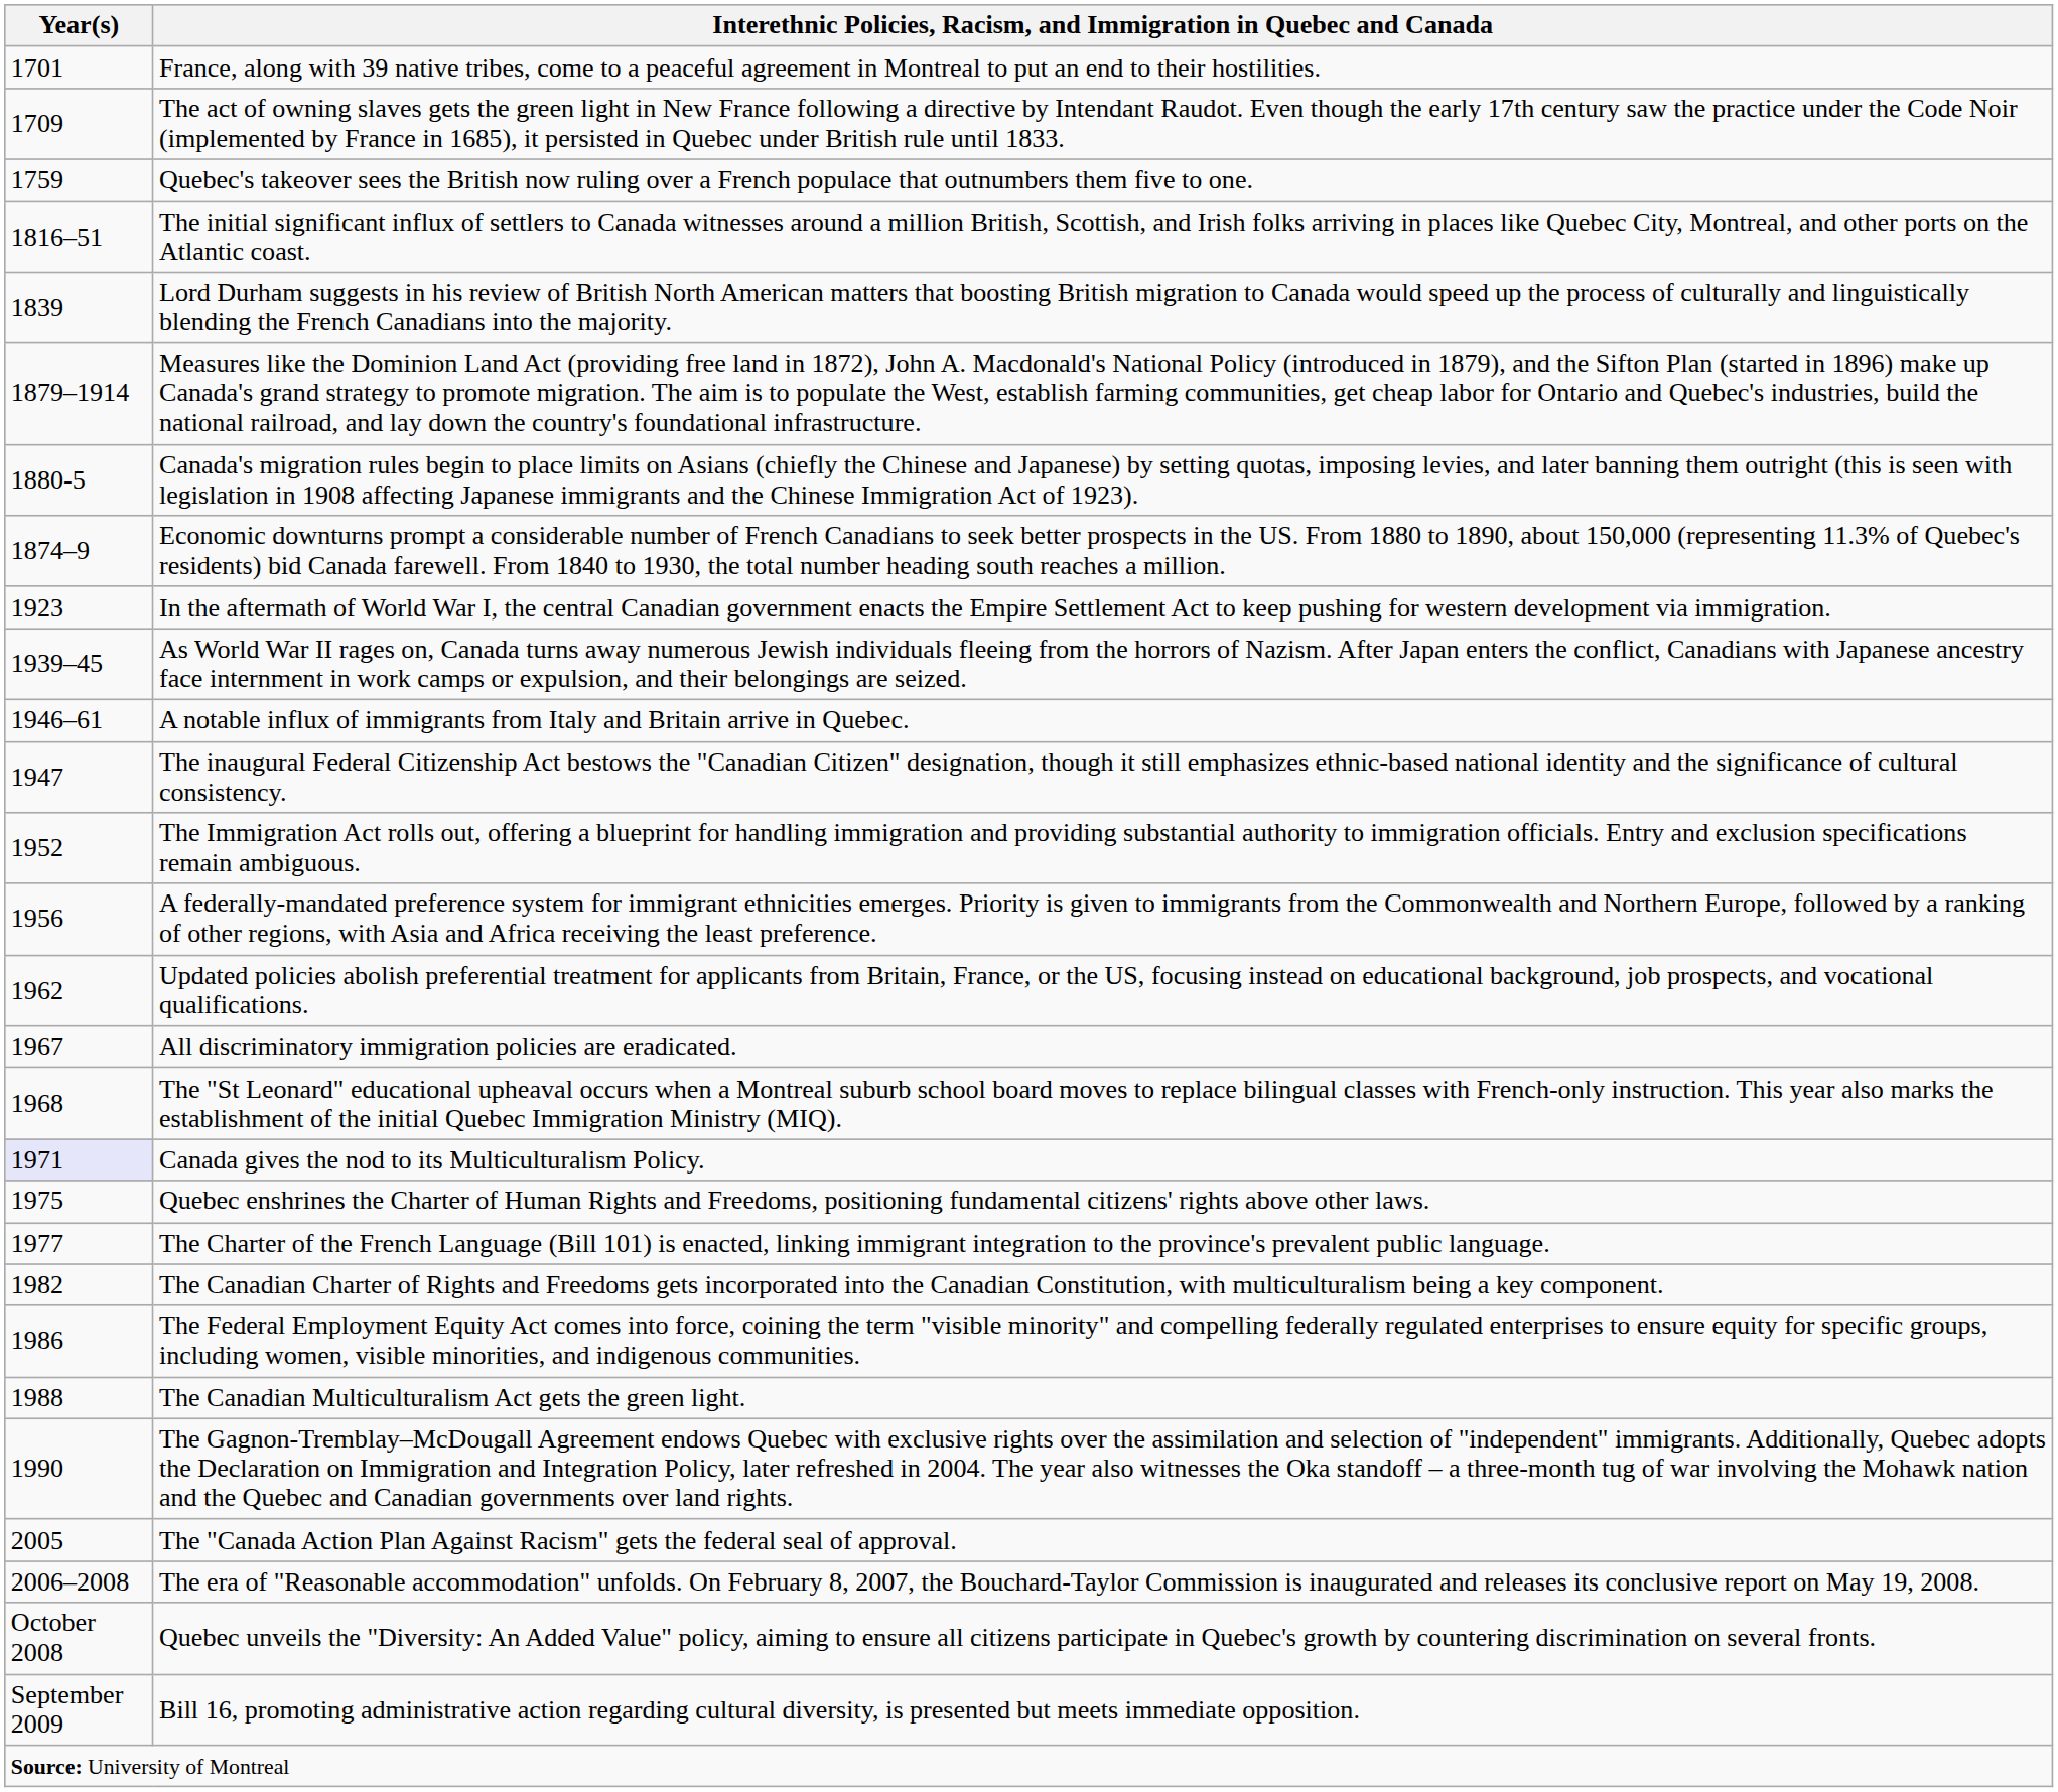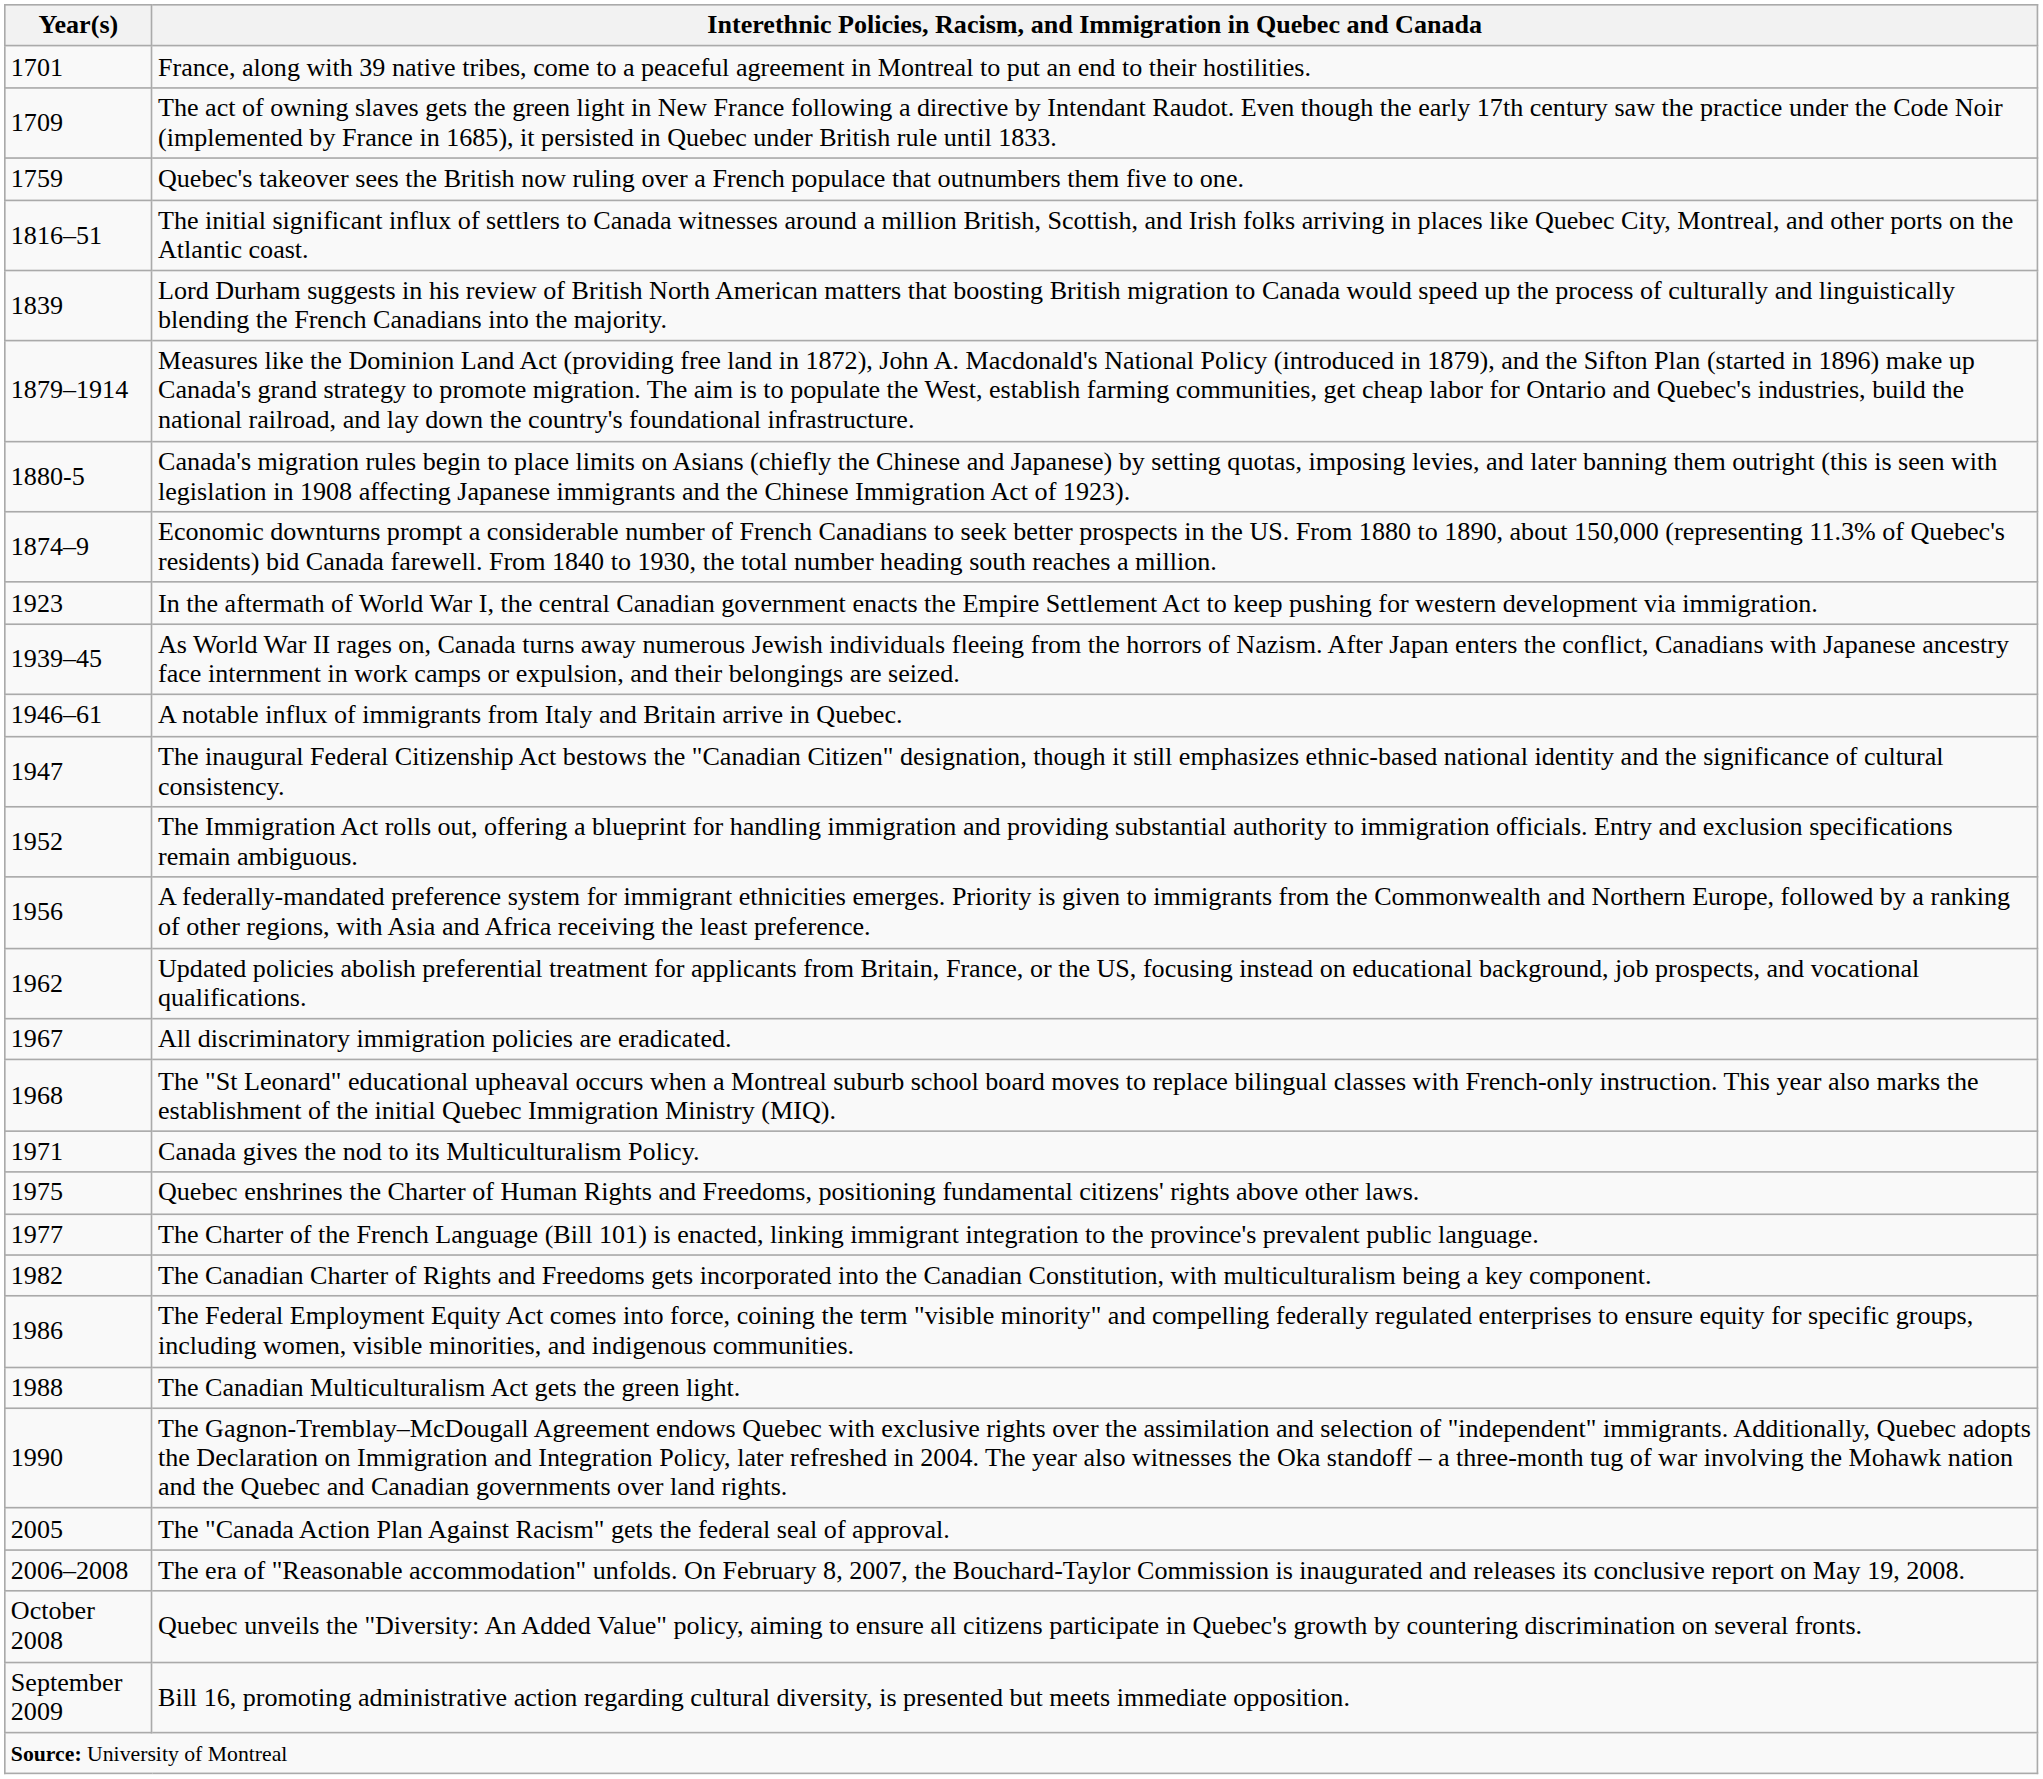 <table class="wikitable mw-collapsible mw-collapsed">
 <tr>
 <th>Year(s)</th>
 <th>Interethnic Policies, Racism, and Immigration in Quebec and Canada</th>
 </tr>
 <tr>
 <td>1701</td>
 <td>France, along with 39 native tribes, come to a peaceful agreement in Montreal to put an end to their hostilities.</td>
 </tr>
 <tr>
 <td>1709</td>
 <td>The act of owning slaves gets the green light in New France following a directive by Intendant Raudot. Even though the early 17th century saw the practice under the Code Noir (implemented by France in 1685), it persisted in Quebec under British rule until 1833.</td>
 </tr>
 <tr>
 <td>1759</td>
 <td>Quebec's takeover sees the British now ruling over a French populace that outnumbers them five to one.</td>
 </tr>
 <tr>
 <td>1816–51</td>
 <td>The initial significant influx of settlers to Canada witnesses around a million British, Scottish, and Irish folks arriving in places like Quebec City, Montreal, and other ports on the Atlantic coast.</td>
 </tr>
 <tr>
 <td>1839</td>
 <td>Lord Durham suggests in his review of British North American matters that boosting British migration to Canada would speed up the process of culturally and linguistically blending the French Canadians into the majority.</td>
 </tr>
 <tr>
 <td>1879–1914</td>
 <td>Measures like the Dominion Land Act (providing free land in 1872), John A. Macdonald's National Policy (introduced in 1879), and the Sifton Plan (started in 1896) make up Canada's grand strategy to promote migration. The aim is to populate the West, establish farming communities, get cheap labor for Ontario and Quebec's industries, build the national railroad, and lay down the country's foundational infrastructure.</td>
 </tr>
 <tr>
 <td>1880-5</td>
 <td>Canada's migration rules begin to place limits on Asians (chiefly the Chinese and Japanese) by setting quotas, imposing levies, and later banning them outright (this is seen with legislation in 1908 affecting Japanese immigrants and the Chinese Immigration Act of 1923).</td>
 </tr>
 <tr>
 <td>1874–9</td>
 <td>Economic downturns prompt a considerable number of French Canadians to seek better prospects in the US. From 1880 to 1890, about 150,000 (representing 11.3% of Quebec's residents) bid Canada farewell. From 1840 to 1930, the total number heading south reaches a million.</td>
 </tr>
 <tr>
 <td>1923</td>
 <td>In the aftermath of World War I, the central Canadian government enacts the Empire Settlement Act to keep pushing for western development via immigration.</td>
 </tr>
 <tr>
 <td>1939–45</td>
 <td>As World War II rages on, Canada turns away numerous Jewish individuals fleeing from the horrors of Nazism. After Japan enters the conflict, Canadians with Japanese ancestry face internment in work camps or expulsion, and their belongings are seized.</td>
 </tr>
 <tr>
 <td>1946–61</td>
 <td>A notable influx of immigrants from Italy and Britain arrive in Quebec.</td>
 </tr>
 <tr>
 <td>1947</td>
 <td>The inaugural Federal Citizenship Act bestows the "Canadian Citizen" designation, though it still emphasizes ethnic-based national identity and the significance of cultural consistency.</td>
 </tr>
 <tr>
 <td>1952</td>
 <td>The Immigration Act rolls out, offering a blueprint for handling immigration and providing substantial authority to immigration officials. Entry and exclusion specifications remain ambiguous.</td>
 </tr>
 <tr>
 <td>1956</td>
 <td>A federally-mandated preference system for immigrant ethnicities emerges. Priority is given to immigrants from the Commonwealth and Northern Europe, followed by a ranking of other regions, with Asia and Africa receiving the least preference.</td>
 </tr>
 <tr>
 <td>1962</td>
 <td>Updated policies abolish preferential treatment for applicants from Britain, France, or the US, focusing instead on educational background, job prospects, and vocational qualifications.</td>
 </tr>
 <tr>
 <td>1967</td>
 <td>All discriminatory immigration policies are eradicated.</td>
 </tr>
 <tr>
 <td>1968</td>
 <td>The "St Leonard" educational upheaval occurs when a Montreal suburb school board moves to replace bilingual classes with French-only instruction. This year also marks the establishment of the initial Quebec Immigration Ministry (MIQ).</td>
 </tr>
 <tr>
-<td style="background: lavender;">1971</td>
+<td>1971</td>
 <td>Canada gives the nod to its Multiculturalism Policy.</td>
 </tr>
 <tr>
 <td>1975</td>
 <td>Quebec enshrines the Charter of Human Rights and Freedoms, positioning fundamental citizens' rights above other laws.</td>
 </tr>
 <tr>
 <td>1977</td>
 <td>The Charter of the French Language (Bill 101) is enacted, linking immigrant integration to the province's prevalent public language.</td>
 </tr>
 <tr>
 <td>1982</td>
 <td>The Canadian Charter of Rights and Freedoms gets incorporated into the Canadian Constitution, with multiculturalism being a key component.</td>
 </tr>
 <tr>
 <td>1986</td>
 <td>The Federal Employment Equity Act comes into force, coining the term "visible minority" and compelling federally regulated enterprises to ensure equity for specific groups, including women, visible minorities, and indigenous communities.</td>
 </tr>
 <tr>
 <td>1988</td>
 <td>The Canadian Multiculturalism Act gets the green light.</td>
 </tr>
 <tr>
 <td>1990</td>
 <td>The Gagnon-Tremblay–McDougall Agreement endows Quebec with exclusive rights over the assimilation and selection of "independent" immigrants. Additionally, Quebec adopts the Declaration on Immigration and Integration Policy, later refreshed in 2004. The year also witnesses the Oka standoff – a three-month tug of war involving the Mohawk nation and the Quebec and Canadian governments over land rights.</td>
 </tr>
 <tr>
 <td>2005</td>
 <td>The "Canada Action Plan Against Racism" gets the federal seal of approval.</td>
 </tr>
 <tr>
 <td>2006–2008</td>
 <td>The era of "Reasonable accommodation" unfolds. On February 8, 2007, the Bouchard-Taylor Commission is inaugurated and releases its conclusive report on May 19, 2008.</td>
 </tr>
 <tr>
 <td>October 2008</td>
 <td>Quebec unveils the "Diversity: An Added Value" policy, aiming to ensure all citizens participate in Quebec's growth by countering discrimination on several fronts.</td>
 </tr>
 <tr>
 <td>September 2009</td>
 <td>Bill 16, promoting administrative action regarding cultural diversity, is presented but meets immediate opposition.</td>
 </tr>
 <tr>
 <td colspan="2"><small><strong>Source:</strong> University of Montreal</small></td>
 </tr>
 </table>
